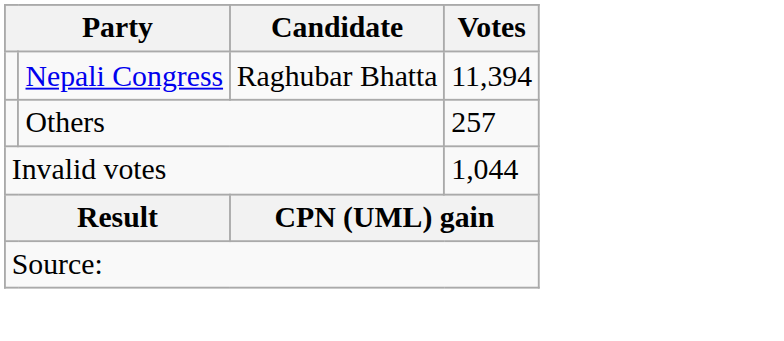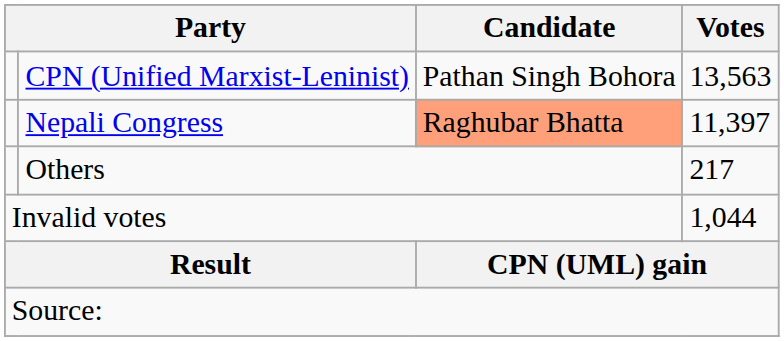 <table class="wikitable">
 <tr>
 <th colspan="2">Party</th>
 <th>Candidate</th>
 <th>Votes</th>
 </tr>
 <tr>
 <td style="background-color:"></td>
+<td><a href='#'>CPN (Unified Marxist-Leninist)</a></td>
+<td>Pathan Singh Bohora</td>
+<td>13,563</td>
+</tr>
+<tr>
+<td style="background-color:"></td>
 <td><a href='#'>Nepali Congress</a></td>
-<td>Raghubar Bhatta</td>
-<td>11,394</td>
+<td style="background: lightsalmon;">Raghubar Bhatta</td>
+<td>11,397</td>
 </tr>
 <tr>
 <td></td>
 <td colspan="2">Others</td>
-<td>257</td>
+<td>217</td>
 </tr>
 <tr>
 <td colspan="3">Invalid votes</td>
 <td>1,044</td>
 </tr>
 <tr>
 <th colspan="2">Result</th>
 <th colspan="2">CPN (UML) gain</th>
 </tr>
 <tr>
 <td colspan="4">Source: </td>
 </tr>
 </table>
